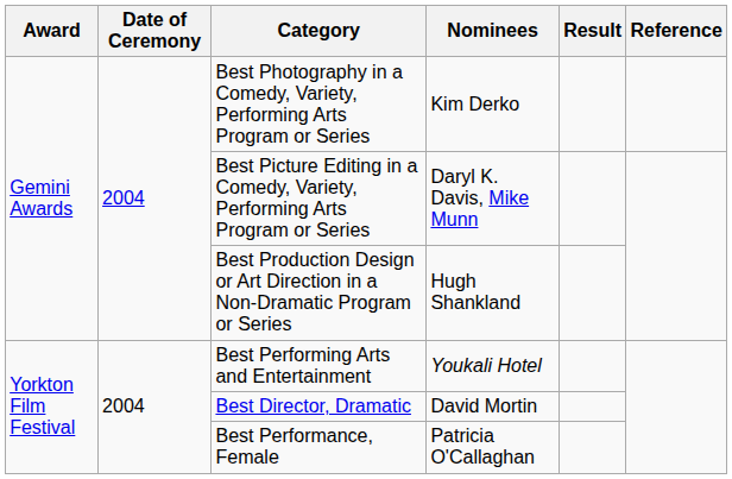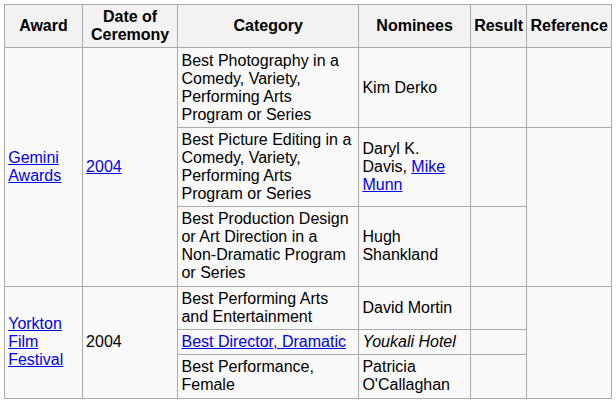 <table class="wikitable">
 <tr>
 <th>Award</th>
 <th>Date of Ceremony</th>
 <th>Category</th>
 <th>Nominees</th>
 <th>Result</th>
 <th>Reference</th>
 </tr>
 <tr>
 <td rowspan="3"><a href='#'>Gemini Awards</a></td>
 <td rowspan="3"><a href='#'>2004</a></td>
 <td>Best Photography in a Comedy, Variety, Performing Arts Program or Series</td>
 <td>Kim Derko</td>
 <td></td>
 <td></td>
 </tr>
 <tr>
 <td>Best Picture Editing in a Comedy, Variety, Performing Arts Program or Series</td>
 <td>Daryl K. Davis, <a href='#'>Mike Munn</a></td>
 <td></td>
 <td rowspan=2></td>
 </tr>
 <tr>
 <td>Best Production Design or Art Direction in a Non-Dramatic Program or Series</td>
 <td>Hugh Shankland</td>
 <td></td>
 </tr>
 <tr>
 <td rowspan="3"><a href='#'>Yorkton Film Festival</a></td>
 <td rowspan="3">2004</td>
 <td>Best Performing Arts and Entertainment</td>
-<td><em>Youkali Hotel</em></td>
+<td>David Mortin</td>
 <td></td>
 <td rowspan="3"></td>
 </tr>
 <tr>
 <td><a href='#'>Best Director, Dramatic</a></td>
-<td>David Mortin</td>
+<td><em>Youkali Hotel</em></td>
 <td></td>
 </tr>
 <tr>
 <td>Best Performance, Female</td>
 <td>Patricia O'Callaghan</td>
 <td></td>
 </tr>
 </table>
